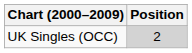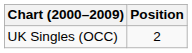 <table class="wikitable">
 <tr>
 <th>Chart (2000–2009)</th>
 <th>Position</th>
 </tr>
 <tr>
 <td>UK Singles (OCC)</td>
-<td align="center" style="background: lightgrey;">2</td>
+<td align="center">2</td>
 </tr>
 </table>
